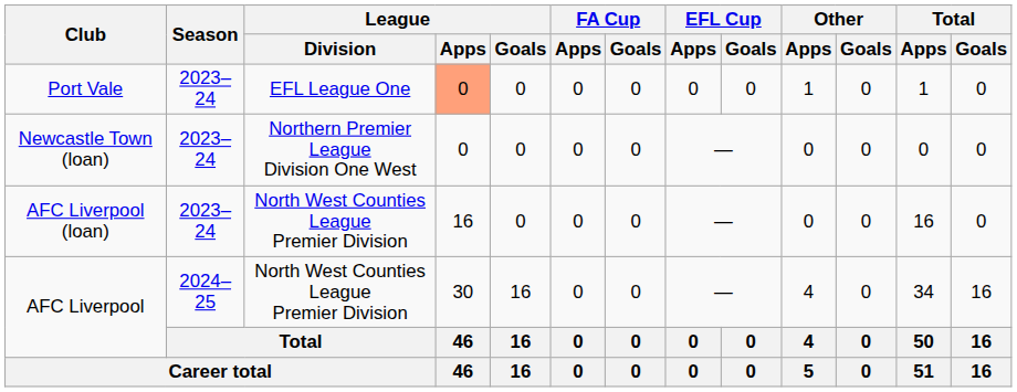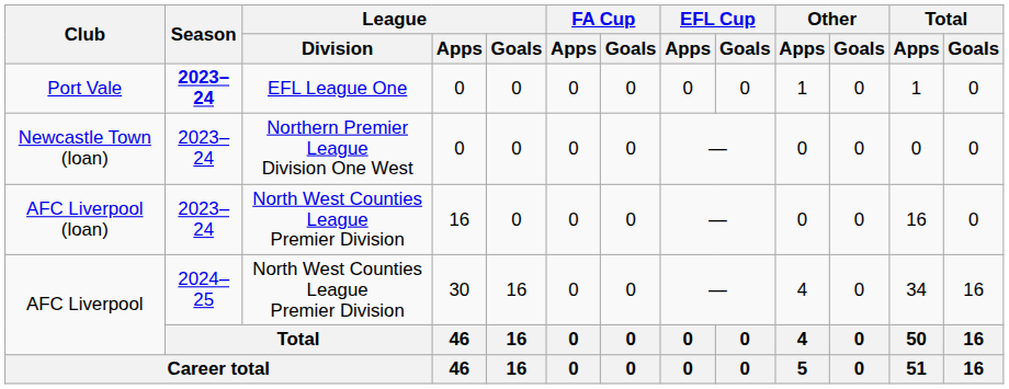 <table class="wikitable" style="text-align:center;">
 <tr>
 <th rowspan="2">Club</th>
 <th rowspan="2">Season</th>
 <th colspan="3">League</th>
 <th colspan="2"><a href='#'>FA Cup</a></th>
 <th colspan="2"><a href='#'>EFL Cup</a></th>
 <th colspan="2">Other</th>
 <th colspan="2">Total</th>
 </tr>
 <tr>
 <th>Division</th>
 <th>Apps</th>
 <th>Goals</th>
 <th>Apps</th>
 <th>Goals</th>
 <th>Apps</th>
 <th>Goals</th>
 <th>Apps</th>
 <th>Goals</th>
 <th>Apps</th>
 <th>Goals</th>
 </tr>
 <tr>
 <td><a href='#'>Port Vale</a></td>
-<td><a href='#'>2023–24</a></td>
+<td><strong><a href='#'>2023–24</a></strong></td>
 <td><a href='#'>EFL League One</a></td>
-<td style="background: lightsalmon;">0</td>
+<td>0</td>
 <td>0</td>
 <td>0</td>
 <td>0</td>
 <td>0</td>
 <td>0</td>
 <td>1</td>
 <td>0</td>
 <td>1</td>
 <td>0</td>
 </tr>
 <tr>
 <td><a href='#'>Newcastle Town</a> (loan)</td>
 <td><a href='#'>2023–24</a></td>
 <td><a href='#'>Northern Premier League</a><br>Division One West</td>
 <td>0</td>
 <td>0</td>
 <td>0</td>
 <td>0</td>
 <td colspan=2>—</td>
 <td>0</td>
 <td>0</td>
 <td>0</td>
 <td>0</td>
 </tr>
 <tr>
 <td><a href='#'>AFC Liverpool</a> (loan)</td>
 <td><a href='#'>2023–24</a></td>
 <td><a href='#'>North West Counties League</a><br>Premier Division</td>
 <td>16</td>
 <td>0</td>
 <td>0</td>
 <td>0</td>
 <td colspan=2>—</td>
 <td>0</td>
 <td>0</td>
 <td>16</td>
 <td>0</td>
 </tr>
 <tr>
 <td rowspan=2>AFC Liverpool</td>
 <td><a href='#'>2024–25</a></td>
 <td>North West Counties League<br>Premier Division</td>
 <td>30</td>
 <td>16</td>
 <td>0</td>
 <td>0</td>
 <td colspan=2>—</td>
 <td>4</td>
 <td>0</td>
 <td>34</td>
 <td>16</td>
 </tr>
 <tr>
 <th colspan="2">Total</th>
 <th>46</th>
 <th>16</th>
 <th>0</th>
 <th>0</th>
 <th>0</th>
 <th>0</th>
 <th>4</th>
 <th>0</th>
 <th>50</th>
 <th>16</th>
 </tr>
 <tr>
 <th colspan="3">Career total</th>
 <th>46</th>
 <th>16</th>
 <th>0</th>
 <th>0</th>
 <th>0</th>
 <th>0</th>
 <th>5</th>
 <th>0</th>
 <th>51</th>
 <th>16</th>
 </tr>
 </table>
